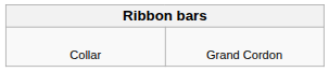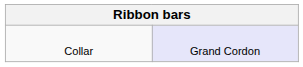 <table class="wikitable" style="margin:1em auto; width:40%;">
 <tr>
 <th colspan=2>Ribbon bars</th>
 </tr>
 <tr>
 <td style="vertical-align:top; width:50%; text-align:center;"><br> <small>Collar</small></td>
-<td style="vertical-align:top; width:50%; text-align:center;"><br> <small>Grand Cordon</small></td>
+<td style="background: lavender; vertical-align:top; width:50%; text-align:center;"><br> <small>Grand Cordon</small></td>
 </tr>
 </table>
